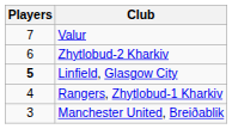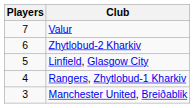 <table class="wikitable">
 <tr>
 <th>Players</th>
 <th>Club</th>
 </tr>
 <tr>
 <td align="center">7</td>
 <td> <a href='#'>Valur</a></td>
 </tr>
 <tr>
 <td align="center">6</td>
 <td> <a href='#'>Zhytlobud-2 Kharkiv</a></td>
 </tr>
 <tr>
-<td align="center"><strong>5</strong></td>
+<td align="center">5</td>
 <td> <a href='#'>Linfield</a>,  <a href='#'>Glasgow City</a></td>
 </tr>
 <tr>
 <td align="center">4</td>
 <td> <a href='#'>Rangers</a>,  <a href='#'>Zhytlobud-1 Kharkiv</a></td>
 </tr>
 <tr>
 <td align="center">3</td>
 <td> <a href='#'>Manchester United</a>,  <a href='#'>Breiðablik</a></td>
 </tr>
 </table>
